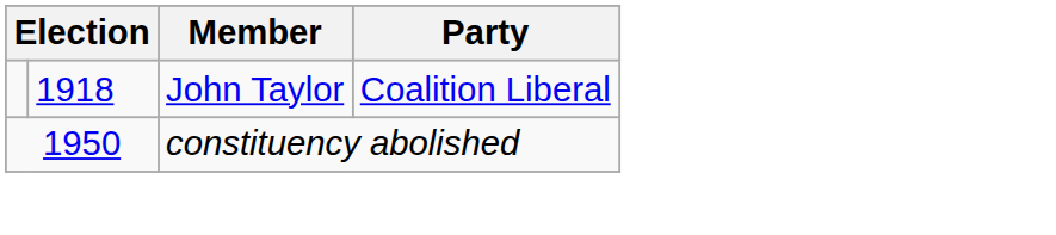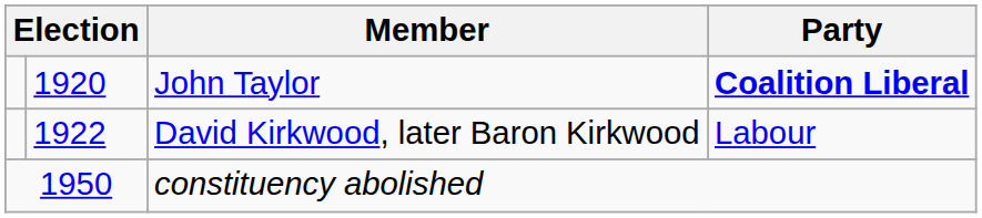 <table class="wikitable">
 <tr>
 <th colspan="2">Election</th>
 <th>Member</th>
 <th>Party</th>
 </tr>
 <tr>
 <td style="color:inherit;background-color: "></td>
-<td><a href='#'>1918</a></td>
+<td><a href='#'>1920</a></td>
 <td><a href='#'>John Taylor</a></td>
-<td><a href='#'>Coalition Liberal</a></td>
+<td><strong><a href='#'>Coalition Liberal</a></strong></td>
+</tr>
+<tr>
+<td style="color:inherit;background-color: "></td>
+<td><a href='#'>1922</a></td>
+<td><a href='#'>David Kirkwood</a>, later Baron Kirkwood</td>
+<td><a href='#'>Labour</a></td>
 </tr>
 <tr>
 <td colspan="2" align="center"><a href='#'>1950</a></td>
 <td colspan="2"><em>constituency abolished</em></td>
 </tr>
 </table>
